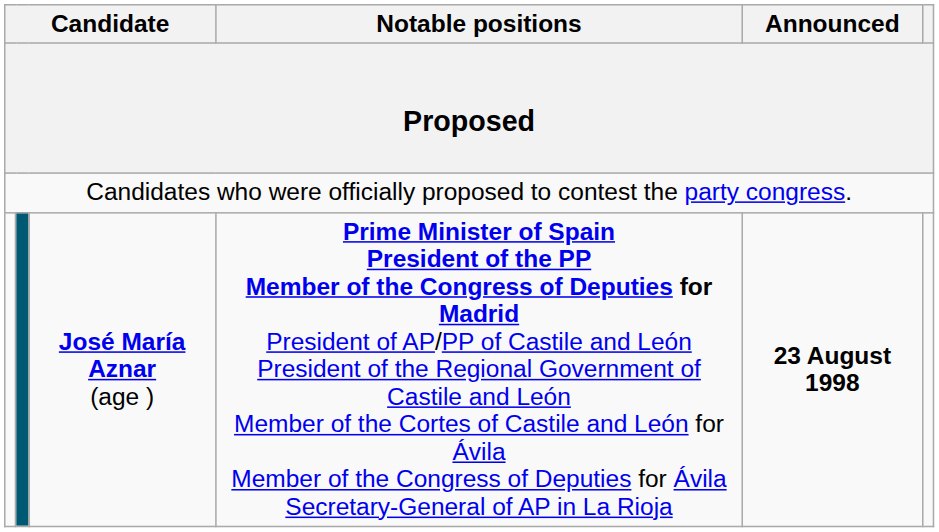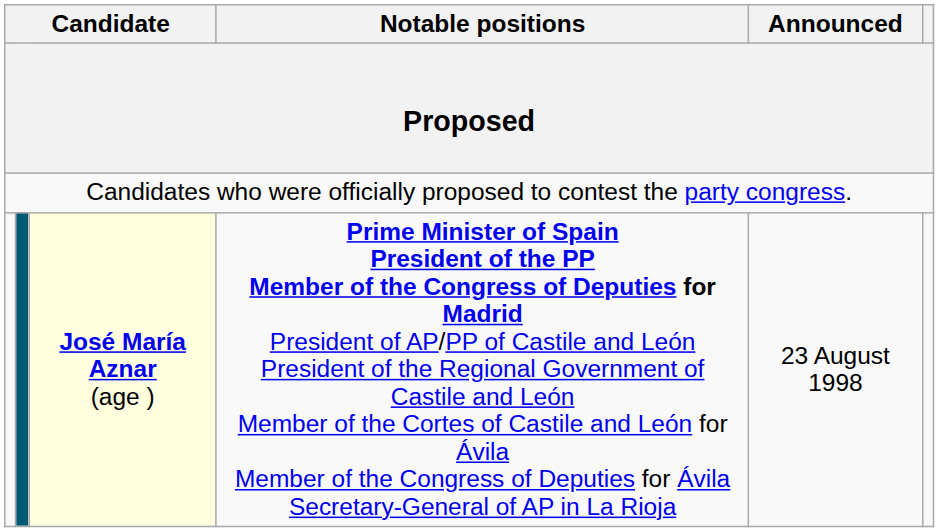 <table class="wikitable" style="text-align:center;">
 <tr>
 <th colspan="3">Candidate</th>
 <th>Notable positions</th>
 <th>Announced</th>
 <th></th>
 </tr>
 <tr>
 <th colspan="6"><br><h3>Proposed</h3></th>
 </tr>
 <tr>
 <td colspan="6">Candidates who were officially proposed to contest the <a href='#'>party congress</a>.</td>
 </tr>
 <tr>
 <td></td>
 <td width="1px" style="color:inherit;background:#005973;"></td>
-<td><strong><a href='#'>José María Aznar</a></strong><br>(age )</td>
+<td style="background: lightyellow;"><strong><a href='#'>José María Aznar</a></strong><br>(age )</td>
 <td><strong><a href='#'>Prime Minister of Spain</a> <br><a href='#'>President of the PP</a> <br><a href='#'>Member of the Congress of Deputies</a> for <a href='#'>Madrid</a> </strong><br><a href='#'>President of AP</a>/<a href='#'>PP of Castile and León</a> <br><a href='#'>President of the Regional Government of Castile and León</a> <br><a href='#'>Member of the Cortes of Castile and León</a> for <a href='#'>Ávila</a> <br><a href='#'>Member of the Congress of Deputies</a> for <a href='#'>Ávila</a> <br><a href='#'>Secretary-General of AP in La Rioja</a> </td>
-<td><strong>23 August 1998</strong></td>
+<td>23 August 1998</td>
 <td></td>
 </tr>
 </table>
